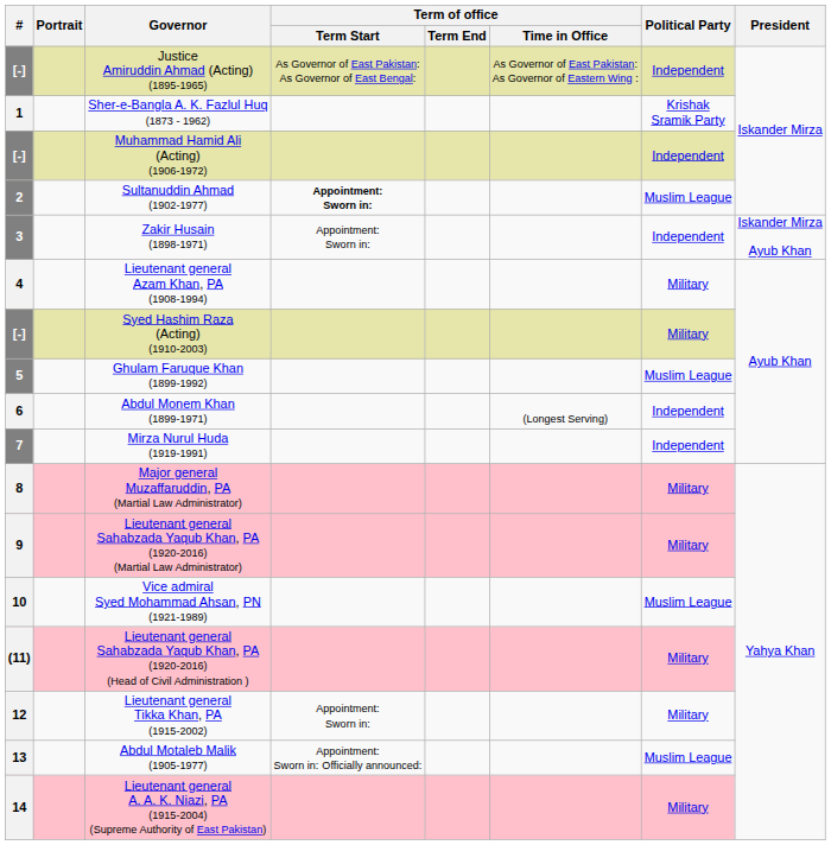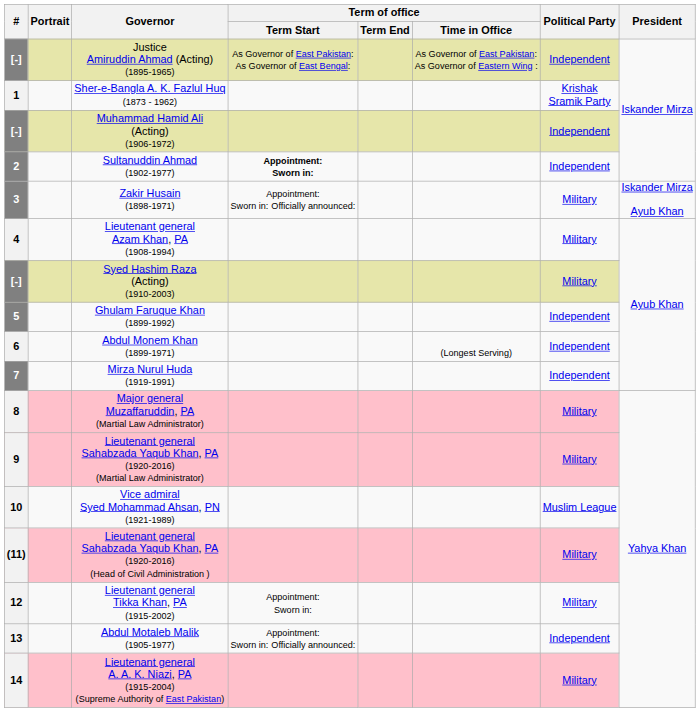 <table class="wikitable sortable" style="text-align:center">
 <tr>
 <th rowspan="2" class="unsortable">#</th>
 <th rowspan="2" class="unsortable">Portrait</th>
 <th rowspan="2">Governor</th>
 <th colspan="3">Term of office</th>
 <th rowspan="2">Political Party</th>
 <th rowspan="2">President</th>
 </tr>
 <tr>
 <th>Term Start</th>
 <th>Term End</th>
 <th>Time in Office</th>
 </tr>
 <tr>
 <td style="background-color:gray; color:white;"><strong>[-]</strong></td>
 <td style="background:#e6e6aa;"></td>
 <td style="background:#e6e6aa;">Justice<br><a href='#'>Amiruddin Ahmad</a> (Acting)<br><small>(1895-1965)</small></td>
 <td style="background:#e6e6aa;"><small>As Governor of <a href='#'>East Pakistan</a>:</small><br><small>As Governor of <a href='#'>East Bengal</a>:</small> </td>
 <td style="background:#e6e6aa;"></td>
 <td style="background:#e6e6aa;"><small>As Governor of <a href='#'>East Pakistan</a>:</small><br><small>As Governor of <a href='#'>Eastern Wing</a> :</small> </td>
 <td style="background:#e6e6aa;"><a href='#'>Independent</a></td>
 <td rowspan="4"><a href='#'>Iskander Mirza</a></td>
 </tr>
 <tr>
 <th style="background-color: ">1</th>
 <td></td>
 <td><a href='#'>Sher-e-Bangla A. K. Fazlul Huq</a><br><small>(1873 - 1962)</small></td>
 <td></td>
 <td></td>
 <td></td>
 <td><a href='#'>Krishak</a><br><a href='#'>Sramik Party</a></td>
 </tr>
 <tr style="background:#e6e6aa;">
 <th style="background-color: gray; color:white"><strong>[-]</strong></th>
 <td></td>
 <td><a href='#'>Muhammad Hamid Ali</a><br>(Acting)<br><small>(1906-1972)</small></td>
 <td></td>
 <td></td>
 <td></td>
 <td><a href='#'>Independent</a></td>
 </tr>
 <tr>
 <th style="background-color: gray; color:white">2</th>
 <td></td>
 <td><a href='#'>Sultanuddin Ahmad</a><br><small>(1902-1977)</small></td>
 <td><strong><small>Appointment:</small><br><small>Sworn in:</small> </strong></td>
 <td></td>
 <td></td>
-<td><a href='#'>Muslim League</a></td>
+<td><a href='#'>Independent</a></td>
 </tr>
 <tr>
 <th style="background-color: gray; color:white">3</th>
 <td></td>
 <td><a href='#'>Zakir Husain</a><br><small>(1898-1971)</small></td>
-<td><small>Appointment:</small><br><small>Sworn in:</small> </td>
+<td><small>Appointment:</small><br><small>Sworn in:</small> <small>Officially announced:</small> </td>
 <td></td>
 <td></td>
-<td><a href='#'>Independent</a></td>
+<td><a href='#'>Military</a></td>
 <td style="padding:0;"><div><a href='#'>Iskander Mirza</a></div><br><div><a href='#'>Ayub Khan</a></div></td>
 </tr>
 <tr>
 <th style="background-color: ">4<br></th>
 <td></td>
 <td><a href='#'>Lieutenant general</a><br><a href='#'>Azam Khan</a>, <a href='#'>PA</a><br><small>(1908-1994)</small></td>
 <td></td>
 <td></td>
 <td></td>
 <td><a href='#'>Military</a></td>
 <td rowspan="5"><a href='#'>Ayub Khan</a></td>
 </tr>
 <tr style="background:#e6e6aa;">
 <td style="background-color:gray; color:white;"><strong>[-]</strong></td>
 <td></td>
 <td><a href='#'>Syed Hashim Raza</a><br>(Acting)<br><small>(1910-2003)</small></td>
 <td></td>
 <td></td>
 <td></td>
 <td><a href='#'>Military</a></td>
 </tr>
 <tr>
 <th style="background-color: gray; color:white">5</th>
 <td></td>
 <td><a href='#'>Ghulam Faruque Khan</a><br><small>(1899-1992)</small></td>
 <td></td>
 <td></td>
 <td></td>
-<td><a href='#'>Muslim League</a></td>
+<td><a href='#'>Independent</a></td>
 </tr>
 <tr>
 <th style="background-color: ">6</th>
 <td></td>
 <td><a href='#'>Abdul Monem Khan</a><br><small>(1899-1971)</small></td>
 <td></td>
 <td></td>
 <td><br><small>(Longest Serving)</small></td>
 <td><a href='#'>Independent</a></td>
 </tr>
 <tr>
 <th style="background-color: gray; color:white">7</th>
 <td></td>
 <td><a href='#'>Mirza Nurul Huda</a><br><small>(1919-1991)</small></td>
 <td></td>
 <td></td>
 <td></td>
 <td><a href='#'>Independent</a></td>
 </tr>
 <tr>
 <th style="background-color: ">8<br></th>
 <td style="background-color: pink;"></td>
 <td style="background-color: pink;"><a href='#'>Major general</a><br><a href='#'>Muzaffaruddin</a>, <a href='#'>PA</a><br><small>(Martial Law Administrator)</small></td>
 <td style="background-color: pink;"></td>
 <td style="background-color: pink;"></td>
 <td style="background-color: pink;"></td>
 <td style="background-color: pink;"><a href='#'>Military</a></td>
 <td rowspan="7"><a href='#'>Yahya Khan</a></td>
 </tr>
 <tr style="background-color: pink;">
 <th style="background-color: ">9<br></th>
 <td></td>
 <td><a href='#'>Lieutenant general</a><br><a href='#'>Sahabzada Yaqub Khan</a>, <a href='#'>PA</a><br><small>(1920-2016)</small><br><small>(Martial Law Administrator)</small></td>
 <td></td>
 <td></td>
 <td></td>
 <td><a href='#'>Military</a></td>
 </tr>
 <tr>
 <th style="background-color: ">10<br></th>
 <td></td>
 <td><a href='#'>Vice admiral</a><br><a href='#'>Syed Mohammad Ahsan</a>, <a href='#'>PN</a><br><small>(1921-1989)</small></td>
 <td></td>
 <td></td>
 <td></td>
 <td><a href='#'>Muslim League</a></td>
 </tr>
 <tr style="background-color: pink;">
 <th style="background-color: ">(11)<br></th>
 <td></td>
 <td><a href='#'>Lieutenant general</a><br><a href='#'>Sahabzada Yaqub Khan</a>, <a href='#'>PA</a><br><small>(1920-2016)</small><br><small>(Head of Civil Administration )</small></td>
 <td></td>
 <td></td>
 <td></td>
 <td><a href='#'>Military</a></td>
 </tr>
 <tr>
 <th style="background-color: ">12<br></th>
 <td></td>
 <td><a href='#'>Lieutenant general</a><br><a href='#'>Tikka Khan</a>, <a href='#'>PA</a><br><small>(1915-2002)</small></td>
 <td><small>Appointment:</small><br><small>Sworn in:</small> </td>
 <td></td>
 <td></td>
 <td><a href='#'>Military</a></td>
 </tr>
 <tr>
 <th style="background-color: ">13</th>
 <td></td>
 <td><a href='#'>Abdul Motaleb Malik</a><br><small>(1905-1977)</small></td>
 <td><small>Appointment:</small><br><small>Sworn in:</small> <small>Officially announced:</small> </td>
 <td></td>
 <td></td>
-<td><a href='#'>Muslim League</a></td>
+<td><a href='#'>Independent</a></td>
 </tr>
 <tr style="background-color: pink;">
 <th style="background-color: ">14<br></th>
 <td></td>
 <td><a href='#'>Lieutenant general</a><br><a href='#'>A. A. K. Niazi</a>, <a href='#'>PA</a><br><small>(1915-2004)</small><br><small>(Supreme Authority of <a href='#'>East Pakistan</a>)</small></td>
 <td></td>
 <td></td>
 <td></td>
 <td><a href='#'>Military</a></td>
 </tr>
 </table>
